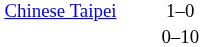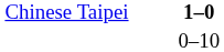 <table style="text-align:center">
 <tr>
 <th width=200></th>
 <th width=100></th>
 <th width=200></th>
 </tr>
 <tr>
 <td align=right><a href='#'>Chinese Taipei</a> </td>
-<td>1–0</td>
+<td><strong>1–0</strong></td>
 <td align=left></td>
 </tr>
 <tr>
 <td align=right></td>
 <td>0–10</td>
 <td align=left></td>
 </tr>
 </table>
